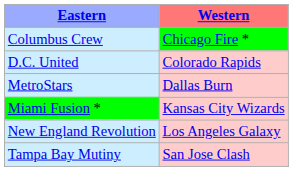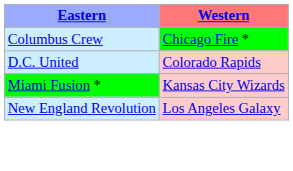 <table class="wikitable">
 <tr>
 <th style="background-color: #9AF;"><a href='#'>Eastern</a></th>
 <th style="background-color: #F77;"><a href='#'>Western</a></th>
 </tr>
 <tr>
 <td style="background-color: #CEF;"><a href='#'>Columbus Crew</a></td>
 <td style="background-color: #0F0;"><a href='#'>Chicago Fire</a> *</td>
 </tr>
 <tr>
 <td style="background-color: #CEF;"><a href='#'>D.C. United</a></td>
 <td style="background-color: #FCC;"><a href='#'>Colorado Rapids</a></td>
 </tr>
 <tr>
-<td style="background-color: #CEF;"><a href='#'>MetroStars</a></td>
-<td style="background-color: #FCC;"><a href='#'>Dallas Burn</a></td>
-</tr>
-<tr>
 <td style="background-color: #0F0;"><a href='#'>Miami Fusion</a> *</td>
 <td style="background-color: #FCC;"><a href='#'>Kansas City Wizards</a></td>
 </tr>
 <tr>
 <td style="background-color: #CEF;"><a href='#'>New England Revolution</a></td>
 <td style="background-color: #FCC;"><a href='#'>Los Angeles Galaxy</a></td>
 </tr>
-<tr>
-<td style="background-color: #CEF;"><a href='#'>Tampa Bay Mutiny</a></td>
-<td style="background-color: #FCC;"><a href='#'>San Jose Clash</a></td>
-</tr>
 </table>
